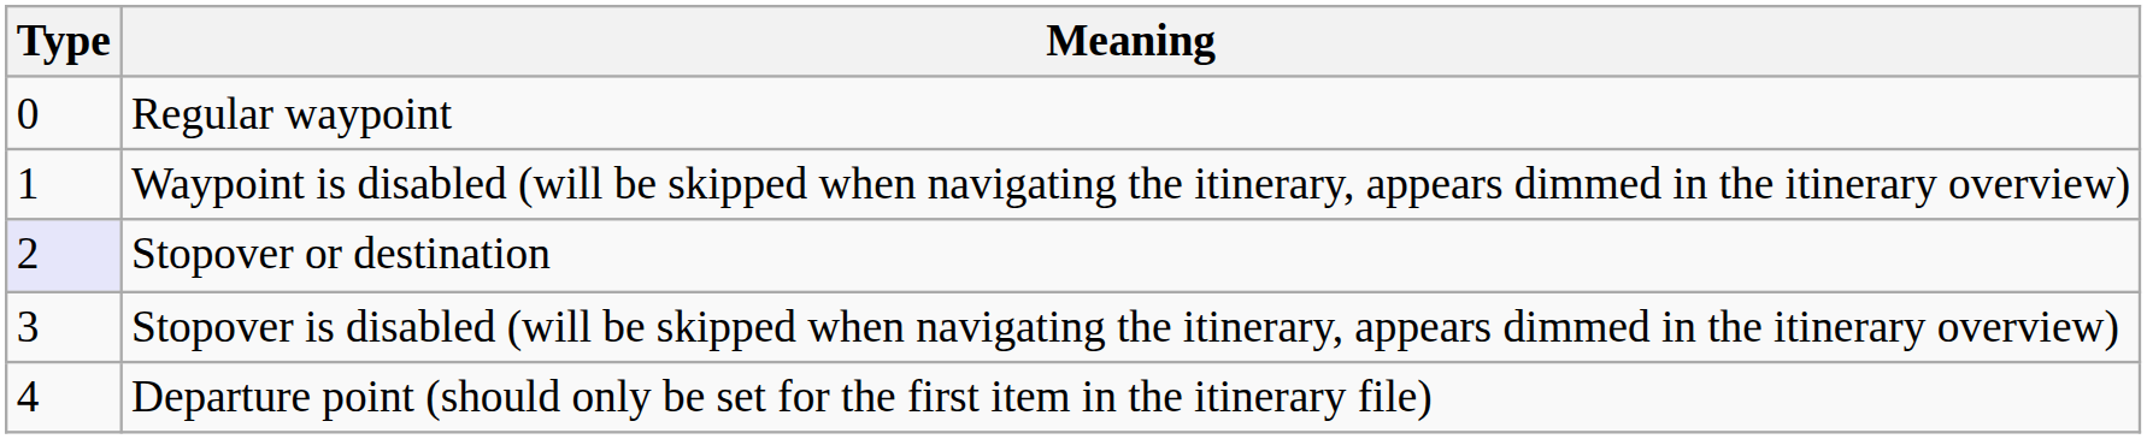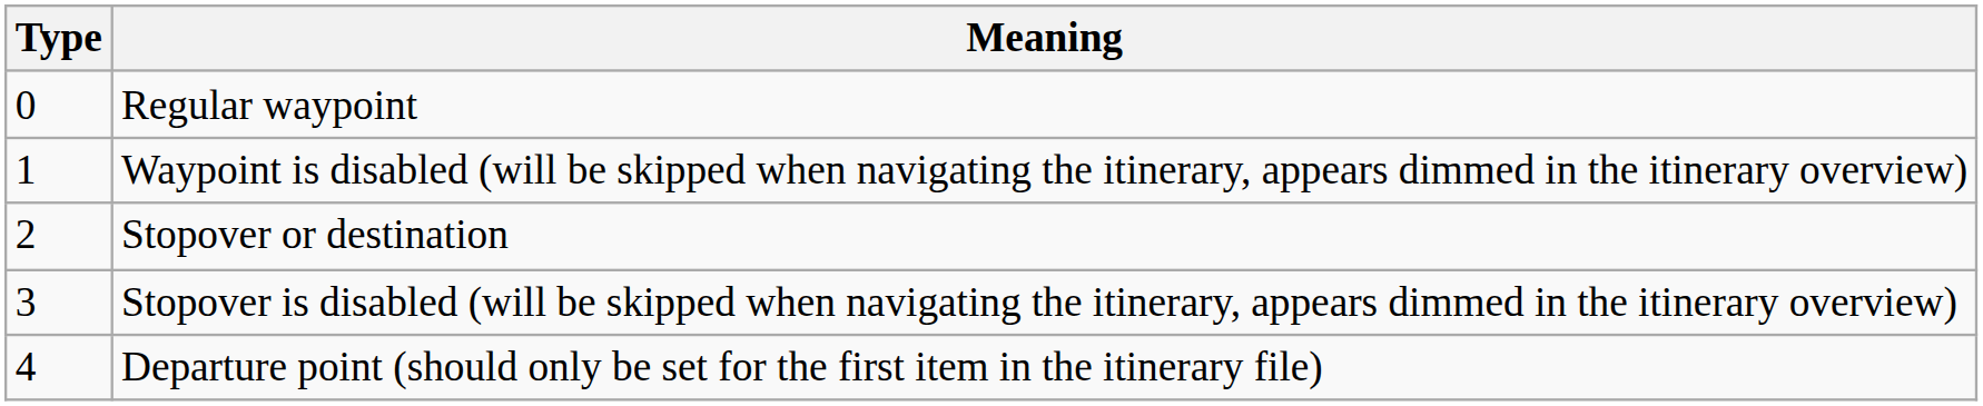 <table class="wikitable">
 <tr>
 <th>Type</th>
 <th>Meaning</th>
 </tr>
 <tr>
 <td>0</td>
 <td>Regular waypoint</td>
 </tr>
 <tr>
 <td>1</td>
 <td>Waypoint is disabled (will be skipped when navigating the itinerary, appears dimmed in the itinerary overview)</td>
 </tr>
 <tr>
-<td style="background: lavender;">2</td>
+<td>2</td>
 <td>Stopover or destination</td>
 </tr>
 <tr>
 <td>3</td>
 <td>Stopover is disabled (will be skipped when navigating the itinerary, appears dimmed in the itinerary overview)</td>
 </tr>
 <tr>
 <td>4</td>
 <td>Departure point (should only be set for the first item in the itinerary file)</td>
 </tr>
 </table>
